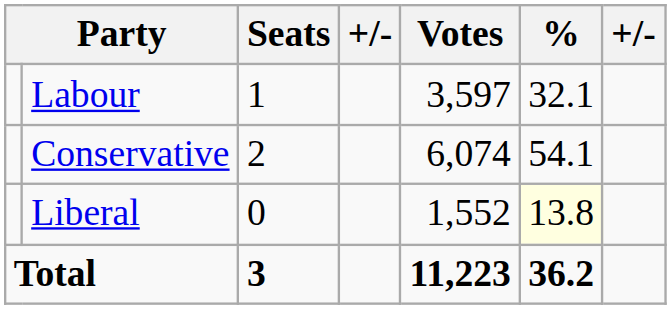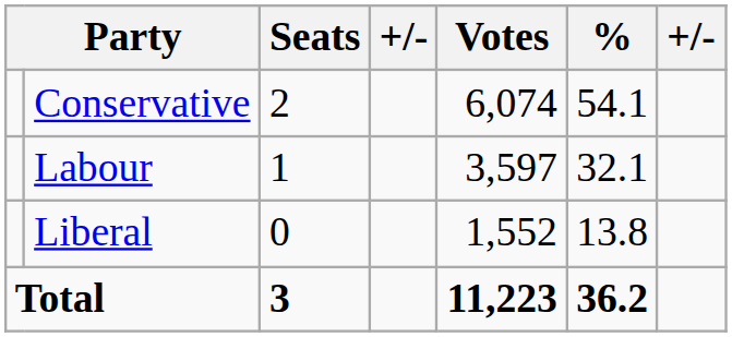 <table class="wikitable sortable">
 <tr>
 <th colspan="2">Party</th>
 <th>Seats</th>
 <th>+/-</th>
 <th>Votes</th>
 <th>%</th>
 <th>+/-</th>
+</tr>
+<tr>
+<td style="background-color: "></td>
+<td><a href='#'>Conservative</a></td>
+<td>2</td>
+<td></td>
+<td style="text-align:right;">6,074</td>
+<td style="text-align:right;">54.1</td>
+<td style="text-align:right;"></td>
 </tr>
 <tr>
 <td style="background-color: "></td>
 <td><a href='#'>Labour</a></td>
 <td>1</td>
 <td></td>
 <td style="text-align:right;">3,597</td>
 <td style="text-align:right;">32.1</td>
 <td style="text-align:right;"></td>
 </tr>
 <tr>
 <td style="background-color: "></td>
-<td><a href='#'>Conservative</a></td>
-<td>2</td>
-<td></td>
-<td style="text-align:right;">6,074</td>
-<td style="text-align:right;">54.1</td>
-<td style="text-align:right;"></td>
-</tr>
-<tr>
-<td style="background-color: "></td>
 <td><a href='#'>Liberal</a></td>
 <td>0</td>
 <td></td>
 <td style="text-align:right;">1,552</td>
-<td style="background: lightyellow; text-align:right;">13.8</td>
+<td style="text-align:right;">13.8</td>
 <td style="text-align:right;"></td>
 </tr>
 <tr>
 <td colspan="2"><strong>Total</strong></td>
 <td><strong>3</strong></td>
 <td></td>
 <td style="text-align:right;"><strong>11,223</strong></td>
 <td style="text-align:right;"><strong>36.2</strong></td>
 <td></td>
 </tr>
 </table>
